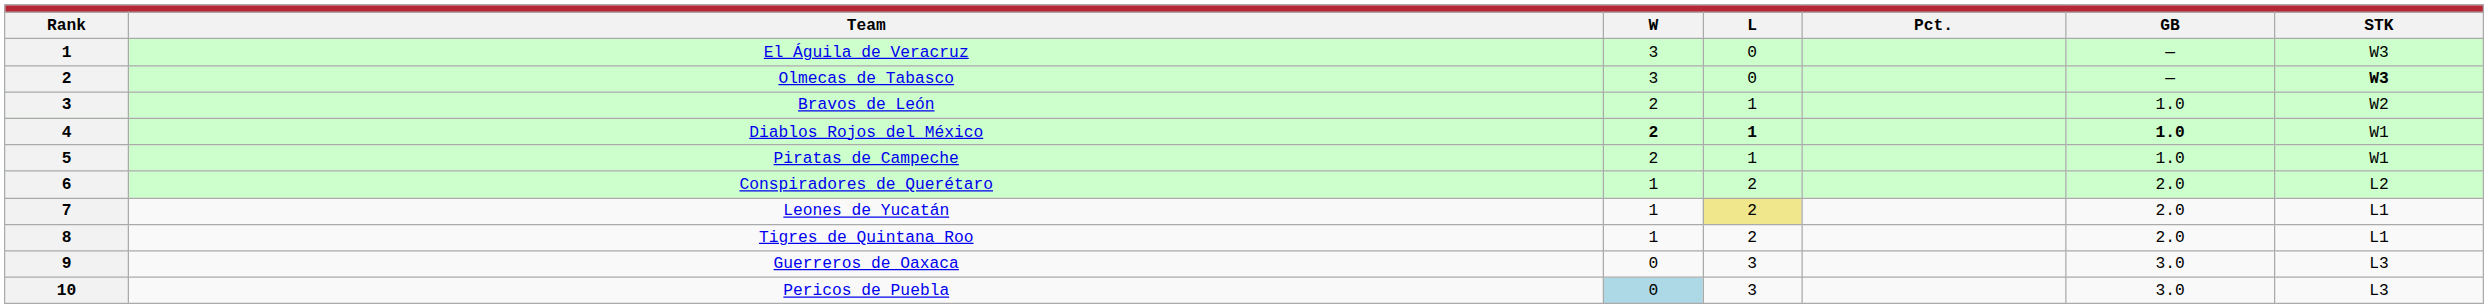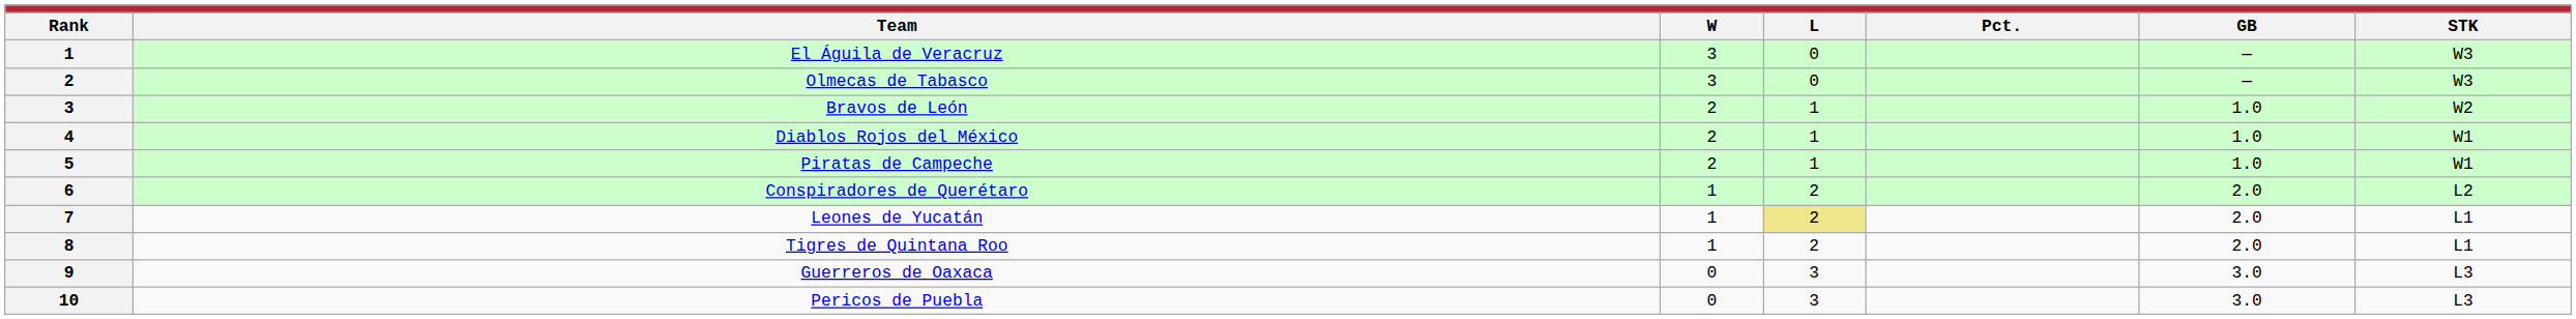 <table class="wikitable plainrowheaders" width="100%" style="text-align:center;">
 <tr>
 <th style="background:#B52735;" colspan="7"></th>
 </tr>
 <tr>
 <th scope="col" width="5%">Rank</th>
 <th>Team</th>
 <th>W</th>
 <th>L</th>
 <th>Pct.</th>
 <th>GB</th>
 <th>STK</th>
 </tr>
 <tr style="background-color:#ccffcc;">
 <th>1</th>
 <td><a href='#'>El Águila de Veracruz</a></td>
 <td>3</td>
 <td>0</td>
 <td></td>
 <td>—</td>
 <td>W3</td>
 </tr>
 <tr style="background-color:#ccffcc;">
 <th>2</th>
 <td><a href='#'>Olmecas de Tabasco</a></td>
 <td>3</td>
 <td>0</td>
 <td></td>
 <td>—</td>
-<td><strong>W3</strong></td>
+<td>W3</td>
 </tr>
 <tr style="background-color:#ccffcc;">
 <th>3</th>
 <td><a href='#'>Bravos de León</a></td>
 <td>2</td>
 <td>1</td>
 <td></td>
 <td>1.0</td>
 <td>W2</td>
 </tr>
 <tr style="background-color:#ccffcc;">
 <th>4</th>
 <td><a href='#'>Diablos Rojos del México</a></td>
-<td><strong>2</strong></td>
-<td><strong>1</strong></td>
+<td>2</td>
+<td>1</td>
 <td></td>
-<td><strong>1.0</strong></td>
+<td>1.0</td>
 <td>W1</td>
 </tr>
 <tr style="background-color:#ccffcc;">
 <th>5</th>
 <td><a href='#'>Piratas de Campeche</a></td>
 <td>2</td>
 <td>1</td>
 <td></td>
 <td>1.0</td>
 <td>W1</td>
 </tr>
 <tr style="background-color:#ccffcc;">
 <th>6</th>
 <td><a href='#'>Conspiradores de Querétaro</a></td>
 <td>1</td>
 <td>2</td>
 <td></td>
 <td>2.0</td>
 <td>L2</td>
 </tr>
 <tr>
 <th>7</th>
 <td><a href='#'>Leones de Yucatán</a></td>
 <td>1</td>
 <td style="background: khaki;">2</td>
 <td></td>
 <td>2.0</td>
 <td>L1</td>
 </tr>
 <tr>
 <th>8</th>
 <td><a href='#'>Tigres de Quintana Roo</a></td>
 <td>1</td>
 <td>2</td>
 <td></td>
 <td>2.0</td>
 <td>L1</td>
 </tr>
 <tr>
 <th>9</th>
 <td><a href='#'>Guerreros de Oaxaca</a></td>
 <td>0</td>
 <td>3</td>
 <td></td>
 <td>3.0</td>
 <td>L3</td>
 </tr>
 <tr>
 <th>10</th>
 <td><a href='#'>Pericos de Puebla</a></td>
-<td style="background: lightblue;">0</td>
+<td>0</td>
 <td>3</td>
 <td></td>
 <td>3.0</td>
 <td>L3</td>
 </tr>
 </table>
